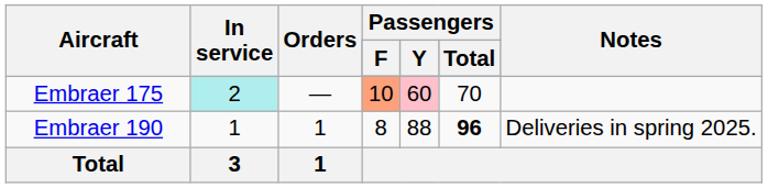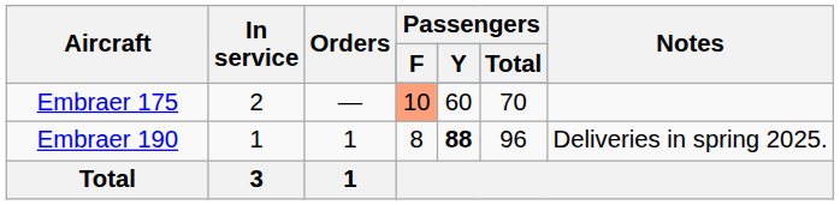 <table class="wikitable" style="border-collapse:collapse;text-align:center;margin:auto;">
 <tr>
 <th rowspan="2" style="width:125px;">Aircraft</th>
 <th rowspan="2">In <br> service</th>
 <th rowspan="2">Orders</th>
 <th colspan="3">Passengers</th>
 <th rowspan="2">Notes</th>
 </tr>
 <tr style="background:#003876; color:black;">
 <th style="width:20px;"><abbr>F</abbr></th>
 <th style="width:20px;"><abbr>Y</abbr></th>
 <th style="width:20px;">Total</th>
 </tr>
 <tr>
 <td><a href='#'>Embraer 175</a></td>
-<td style="background: paleturquoise;">2</td>
+<td>2</td>
 <td>—</td>
 <td style="background: lightsalmon;">10</td>
-<td style="background: pink;">60</td>
+<td>60</td>
 <td>70</td>
 <td></td>
 </tr>
 <tr>
 <td><a href='#'>Embraer 190</a></td>
 <td>1</td>
 <td>1</td>
 <td>8</td>
-<td>88</td>
-<td><strong>96</strong></td>
+<td><strong>88</strong></td>
+<td>96</td>
 <td>Deliveries in spring 2025.</td>
 </tr>
 <tr>
 <th>Total</th>
 <th>3</th>
 <th>1</th>
 <th colspan=5></th>
 </tr>
 </table>
